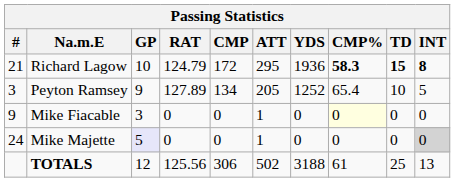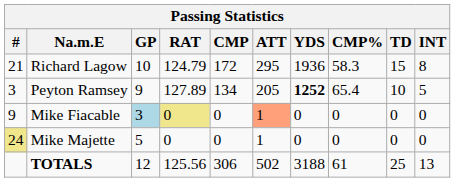 <table class="wikitable sortable collapsible collapsed">
 <tr>
 <th colspan="10">Passing Statistics</th>
 </tr>
 <tr>
 <th>#</th>
 <th>Na.m.E</th>
 <th>GP</th>
 <th>RAT</th>
 <th>CMP</th>
 <th>ATT</th>
 <th>YDS</th>
 <th>CMP%</th>
 <th>TD</th>
 <th>INT</th>
 </tr>
 <tr>
 <td>21</td>
 <td>Richard Lagow</td>
 <td>10</td>
 <td>124.79</td>
 <td>172</td>
 <td>295</td>
 <td>1936</td>
-<td><strong>58.3</strong></td>
-<td><strong>15</strong></td>
-<td><strong>8</strong></td>
+<td>58.3</td>
+<td>15</td>
+<td>8</td>
 </tr>
 <tr>
 <td>3</td>
 <td>Peyton Ramsey</td>
 <td>9</td>
 <td>127.89</td>
 <td>134</td>
 <td>205</td>
-<td>1252</td>
+<td><strong>1252</strong></td>
 <td>65.4</td>
 <td>10</td>
 <td>5</td>
 </tr>
 <tr>
 <td>9</td>
 <td>Mike Fiacable</td>
-<td>3</td>
+<td style="background: lightblue;">3</td>
+<td style="background: khaki;">0</td>
+<td>0</td>
+<td style="background: lightsalmon;">1</td>
 <td>0</td>
 <td>0</td>
-<td>1</td>
-<td>0</td>
-<td style="background: lightyellow;">0</td>
 <td>0</td>
 <td>0</td>
 </tr>
 <tr>
-<td>24</td>
+<td style="background: khaki;">24</td>
 <td>Mike Majette</td>
-<td style="background: lavender;">5</td>
+<td>5</td>
 <td>0</td>
 <td>0</td>
 <td>1</td>
 <td>0</td>
 <td>0</td>
 <td>0</td>
-<td style="background: lightgrey;">0</td>
+<td>0</td>
 </tr>
 <tr>
 <td></td>
 <td><strong>TOTALS</strong></td>
 <td>12</td>
 <td>125.56</td>
 <td>306</td>
 <td>502</td>
 <td>3188</td>
 <td>61</td>
 <td>25</td>
 <td>13</td>
 </tr>
 </table>
